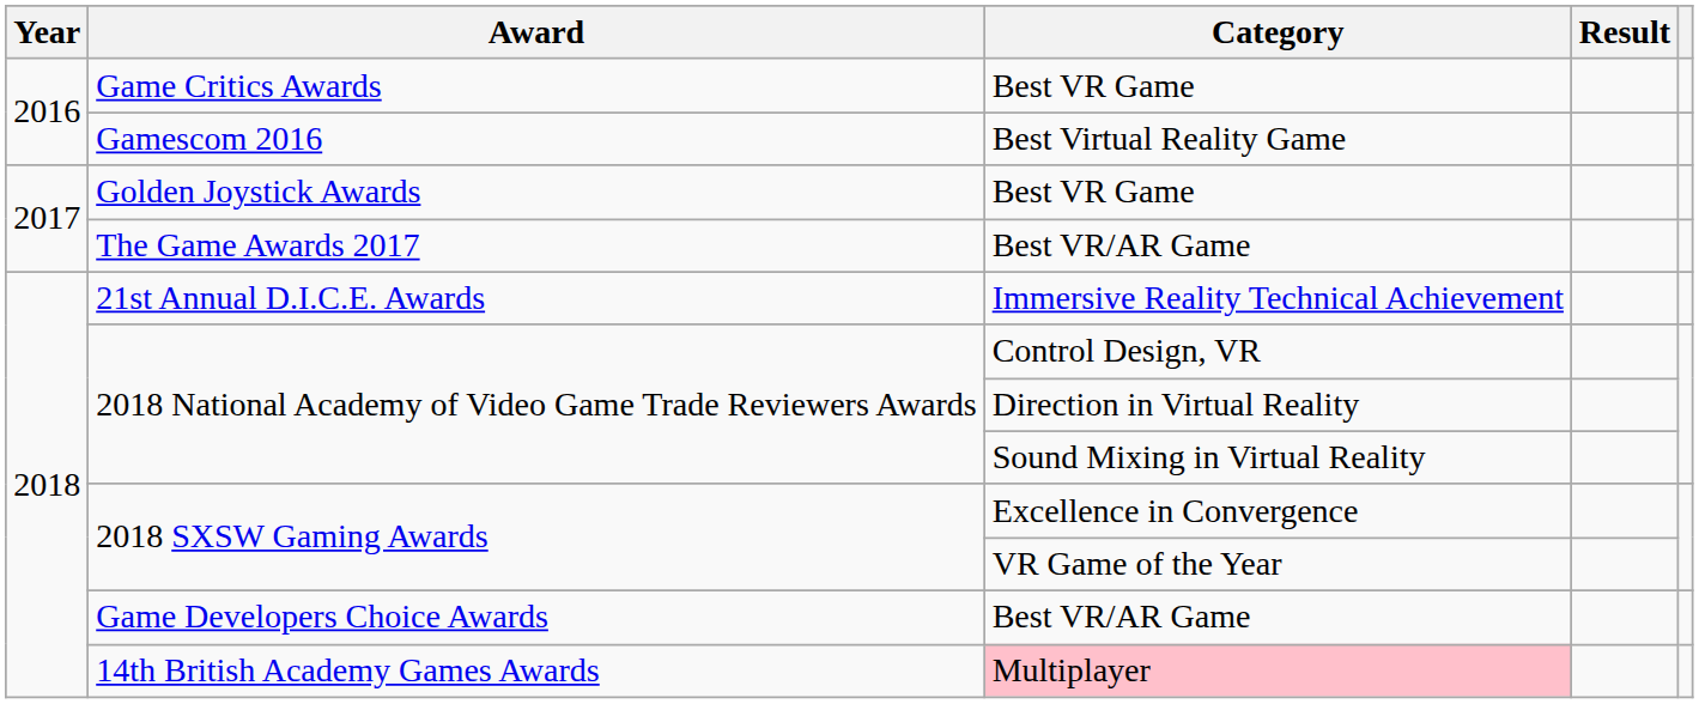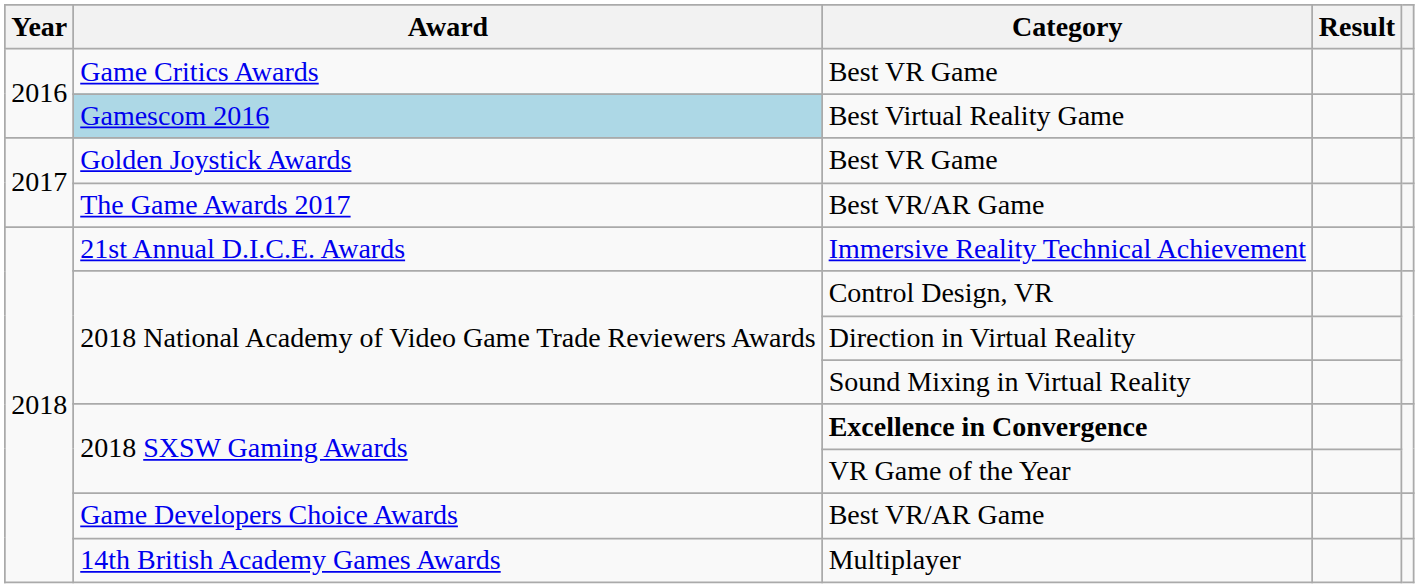 <table class="wikitable sortable">
 <tr>
 <th>Year</th>
 <th>Award</th>
 <th>Category</th>
 <th>Result</th>
 <th></th>
 </tr>
 <tr>
 <td style="text-align:center;" rowspan="2">2016</td>
 <td rowspan="1"><a href='#'>Game Critics Awards</a></td>
 <td>Best VR Game</td>
 <td></td>
 <td rowspan="1" style="text-align:center;"></td>
 </tr>
 <tr>
-<td rowspan="1"><a href='#'>Gamescom 2016</a></td>
+<td rowspan="1" style="background: lightblue;"><a href='#'>Gamescom 2016</a></td>
 <td>Best Virtual Reality Game</td>
 <td></td>
 <td rowspan="1" style="text-align:center;"></td>
 </tr>
 <tr>
 <td style="text-align:center;" rowspan="2">2017</td>
 <td rowspan="1"><a href='#'>Golden Joystick Awards</a></td>
 <td>Best VR Game</td>
 <td></td>
 <td rowspan="1" style="text-align:center;"></td>
 </tr>
 <tr>
 <td rowspan="1"><a href='#'>The Game Awards 2017</a></td>
 <td>Best VR/AR Game</td>
 <td></td>
 <td rowspan="1" style="text-align:center;"></td>
 </tr>
 <tr>
 <td style="text-align:center;" rowspan="8">2018</td>
 <td rowspan="1"><a href='#'>21st Annual D.I.C.E. Awards</a></td>
 <td><a href='#'>Immersive Reality Technical Achievement</a></td>
 <td></td>
 <td rowspan="1" style="text-align:center;"></td>
 </tr>
 <tr>
 <td rowspan="3">2018 National Academy of Video Game Trade Reviewers Awards</td>
 <td>Control Design, VR</td>
 <td></td>
 <td rowspan="3" style="text-align:center;"></td>
 </tr>
 <tr>
 <td>Direction in Virtual Reality</td>
 <td></td>
 </tr>
 <tr>
 <td>Sound Mixing in Virtual Reality</td>
 <td></td>
 </tr>
 <tr>
 <td rowspan="2">2018 <a href='#'>SXSW Gaming Awards</a></td>
-<td>Excellence in Convergence</td>
+<td><strong>Excellence in Convergence</strong></td>
 <td></td>
 <td rowspan="2" style="text-align:center;"></td>
 </tr>
 <tr>
 <td>VR Game of the Year</td>
 <td></td>
 </tr>
 <tr>
 <td rowspan="1"><a href='#'>Game Developers Choice Awards</a></td>
 <td>Best VR/AR Game</td>
 <td></td>
 <td rowspan="1" style="text-align:center;"></td>
 </tr>
 <tr>
 <td rowspan="1"><a href='#'>14th British Academy Games Awards</a></td>
-<td style="background: pink;">Multiplayer</td>
+<td>Multiplayer</td>
 <td></td>
 <td rowspan="1" style="text-align:center;"></td>
 </tr>
 </table>
